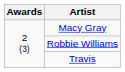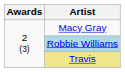 <table class="wikitable" rowspan="2" style="text-align:center;">
 <tr>
 <th scope="col" style="width:55px;">Awards</th>
 <th scope="col" style="text-align:center;">Artist</th>
 </tr>
 <tr>
 <td rowspan="3">2<br><small>(3)</small></td>
 <td><a href='#'>Macy Gray</a></td>
 </tr>
 <tr>
-<td><a href='#'>Robbie Williams</a></td>
+<td style="background: lightblue;"><a href='#'>Robbie Williams</a></td>
 </tr>
 <tr>
-<td><a href='#'>Travis</a></td>
+<td style="background: khaki;"><a href='#'>Travis</a></td>
 </tr>
 </table>
